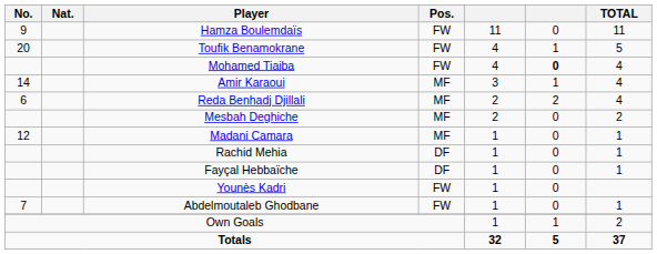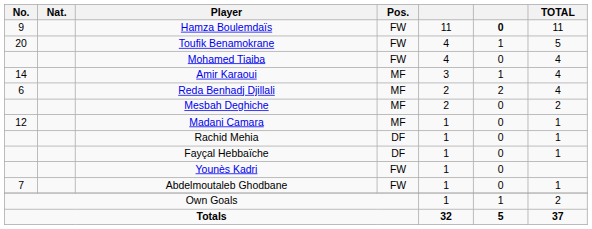 <table class="wikitable sortable alternance"  style="font-size:85%; text-align:center; line-height:14px; width:60%;">
 <tr>
 <th width=10>No.</th>
 <th width=10>Nat.</th>
 <th width=250>Player</th>
 <th width=10>Pos.</th>
 <th width=40></th>
 <th width=40></th>
 <th width=10>TOTAL</th>
 </tr>
 <tr>
 <td>9</td>
 <td></td>
 <td><a href='#'>Hamza Boulemdaïs</a></td>
 <td>FW</td>
 <td>11</td>
-<td>0</td>
+<td><strong>0</strong></td>
 <td>11</td>
 </tr>
 <tr>
 <td>20</td>
 <td></td>
 <td><a href='#'>Toufik Benamokrane</a></td>
 <td>FW</td>
 <td>4</td>
 <td>1</td>
 <td>5</td>
 </tr>
 <tr>
 <td></td>
 <td></td>
 <td><a href='#'>Mohamed Tiaiba</a></td>
 <td>FW</td>
 <td>4</td>
-<td><strong>0</strong></td>
+<td>0</td>
 <td>4</td>
 </tr>
 <tr>
 <td>14</td>
 <td></td>
 <td><a href='#'>Amir Karaoui</a></td>
 <td>MF</td>
 <td>3</td>
 <td>1</td>
 <td>4</td>
 </tr>
 <tr>
 <td>6</td>
 <td></td>
 <td><a href='#'>Reda Benhadj Djillali</a></td>
 <td>MF</td>
 <td>2</td>
 <td>2</td>
 <td>4</td>
 </tr>
 <tr>
 <td></td>
 <td></td>
 <td><a href='#'>Mesbah Deghiche</a></td>
 <td>MF</td>
 <td>2</td>
 <td>0</td>
 <td>2</td>
 </tr>
 <tr>
 <td>12</td>
 <td></td>
 <td><a href='#'>Madani Camara</a></td>
 <td>MF</td>
 <td>1</td>
 <td>0</td>
 <td>1</td>
 </tr>
 <tr>
 <td></td>
 <td></td>
 <td>Rachid Mehia</td>
 <td>DF</td>
 <td>1</td>
 <td>0</td>
 <td>1</td>
 </tr>
 <tr>
 <td></td>
 <td></td>
 <td>Fayçal Hebbaïche</td>
 <td>DF</td>
 <td>1</td>
 <td>0</td>
 <td>1</td>
 </tr>
 <tr>
 <td></td>
 <td></td>
 <td><a href='#'>Younès Kadri</a></td>
 <td>FW</td>
 <td>1</td>
 <td>0</td>
 <td></td>
 </tr>
 <tr>
 <td>7</td>
 <td></td>
 <td>Abdelmoutaleb Ghodbane</td>
 <td>FW</td>
 <td>1</td>
 <td>0</td>
 <td>1</td>
 </tr>
 <tr>
 </tr>
 <tr class="sortbottom">
 <td colspan="4">Own Goals</td>
 <td>1</td>
 <td>1</td>
 <td>2</td>
 </tr>
 <tr class="sortbottom">
 <td colspan="4"><strong>Totals</strong></td>
 <td><strong>32</strong></td>
 <td><strong>5</strong></td>
 <td><strong>37</strong></td>
 </tr>
 </table>
